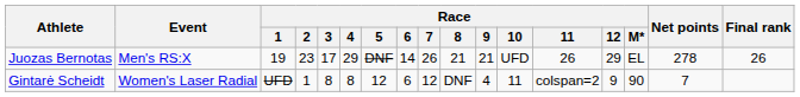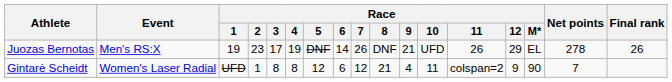 <table class="wikitable" style="font-size:90%">
 <tr>
 <th rowspan="2">Athlete</th>
 <th rowspan="2">Event</th>
 <th colspan=13>Race</th>
 <th rowspan=2>Net points</th>
 <th rowspan=2>Final rank</th>
 </tr>
 <tr style="font-size:95%">
 <th>1</th>
 <th>2</th>
 <th>3</th>
 <th>4</th>
 <th>5</th>
 <th>6</th>
 <th>7</th>
 <th>8</th>
 <th>9</th>
 <th>10</th>
 <th>11</th>
 <th>12</th>
 <th>M*</th>
 </tr>
 <tr align=center>
 <td align=left><a href='#'>Juozas Bernotas</a></td>
 <td align=left><a href='#'>Men's RS:X</a></td>
 <td>19</td>
 <td>23</td>
 <td>17</td>
-<td>29</td>
+<td>19</td>
 <td><s>DNF</s></td>
 <td>14</td>
 <td>26</td>
-<td>21</td>
+<td>DNF</td>
 <td>21</td>
 <td>UFD</td>
 <td>26</td>
 <td>29</td>
 <td>EL</td>
 <td>278</td>
 <td>26</td>
 </tr>
 <tr align=center>
 <td align=left><a href='#'>Gintarė Scheidt</a></td>
 <td align=left><a href='#'>Women's Laser Radial</a></td>
 <td><s>UFD</s></td>
 <td>1</td>
 <td>8</td>
 <td>8</td>
 <td>12</td>
 <td>6</td>
 <td>12</td>
-<td>DNF</td>
+<td>21</td>
 <td>4</td>
 <td>11</td>
 <td>colspan=2 </td>
 <td>9</td>
 <td>90</td>
 <td>7</td>
 </tr>
 </table>
